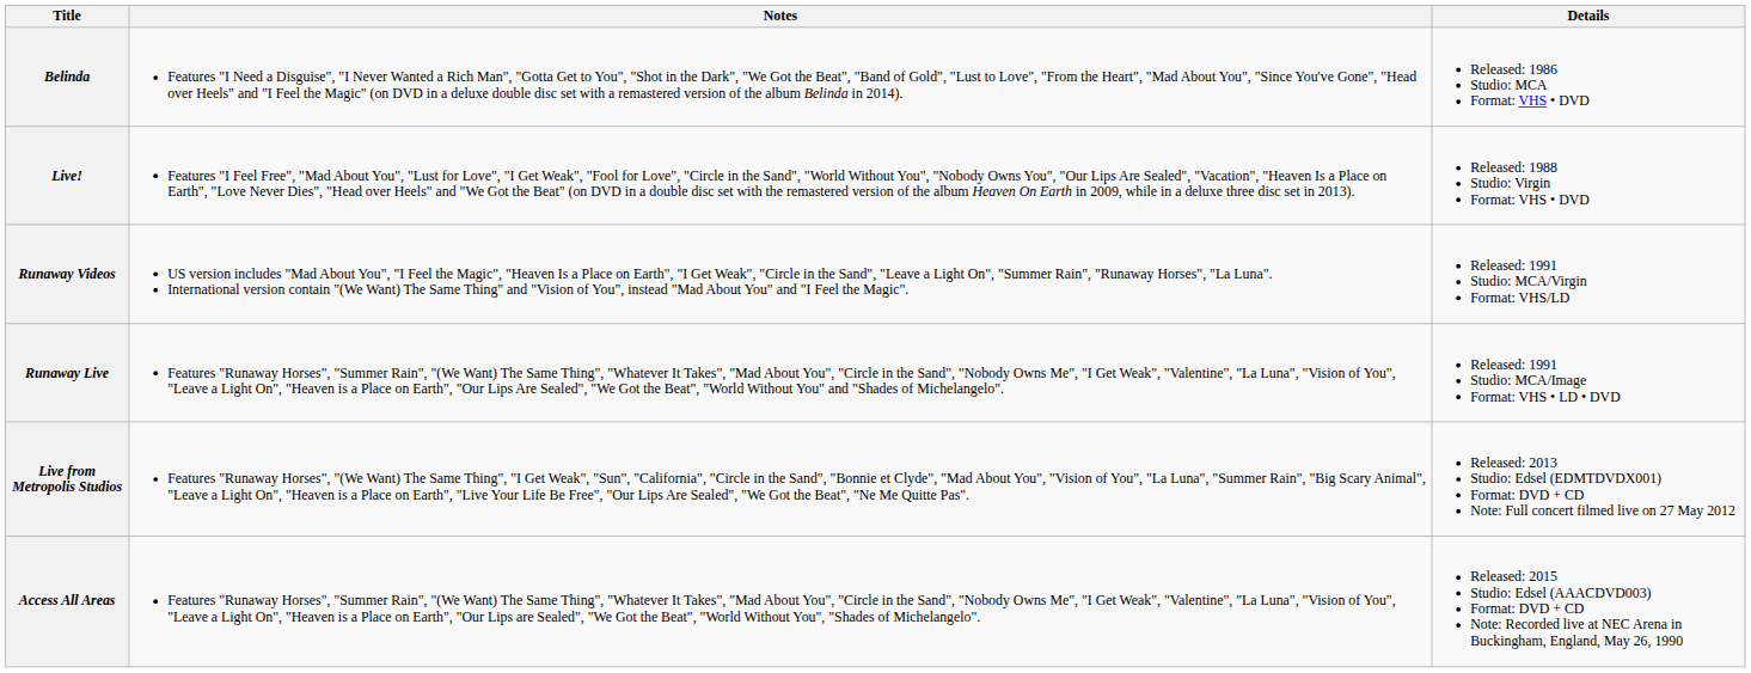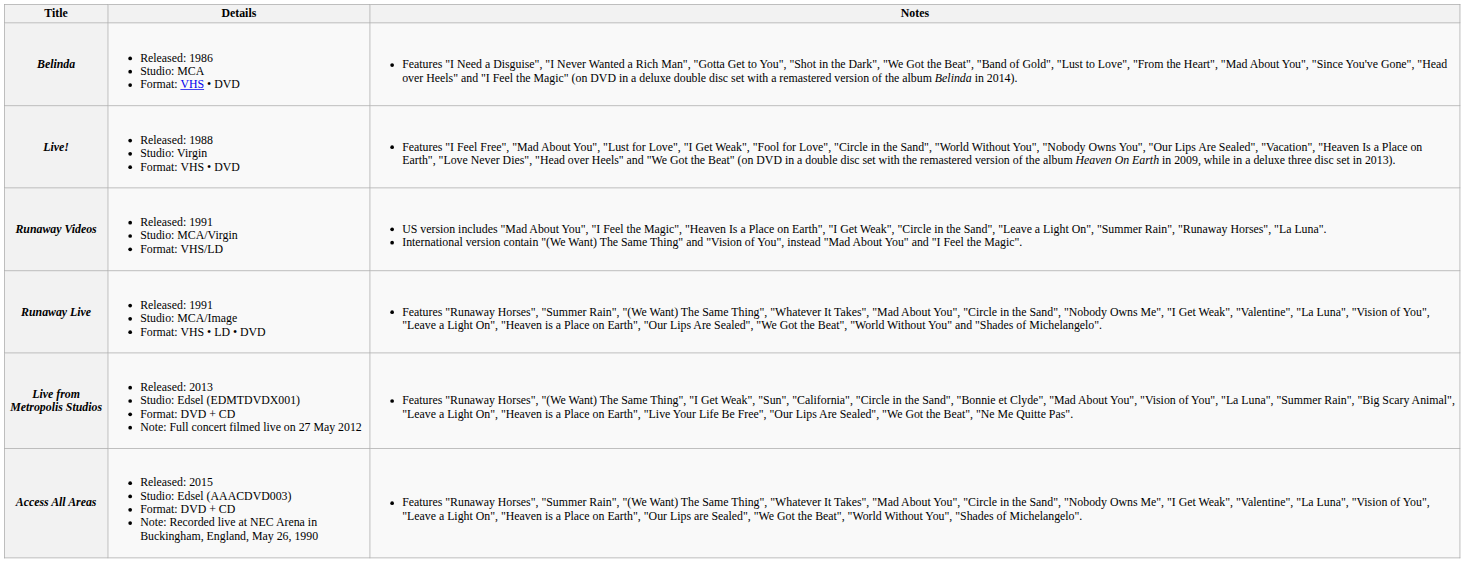 <table class="wikitable plainrowheaders">
 <tr>
 <th scope="col">Title</th>
+<th scope="col">Details</th>
 <th>Notes</th>
-<th scope="col">Details</th>
 </tr>
 <tr>
 <th scope="row"><em>Belinda</em></th>
+<td><br><ul><li>Released: 1986</li><li>Studio: MCA</li><li>Format: <a href='#'>VHS</a> • DVD</li></ul></td>
 <td><br><ul><li>Features "I Need a Disguise", "I Never Wanted a Rich Man", "Gotta Get to You", "Shot in the Dark", "We Got the Beat", "Band of Gold", "Lust to Love", "From the Heart", "Mad About You", "Since You've Gone", "Head over Heels" and "I Feel the Magic" (on DVD in a deluxe double disc set with a remastered version of the album <em>Belinda</em> in 2014).</li></ul></td>
-<td><br><ul><li>Released: 1986</li><li>Studio: MCA</li><li>Format: <a href='#'>VHS</a> • DVD</li></ul></td>
 </tr>
 <tr>
 <th scope="row"><em>Live!</em></th>
+<td><br><ul><li>Released: 1988</li><li>Studio: Virgin</li><li>Format: VHS • DVD</li></ul></td>
 <td><br><ul><li>Features "I Feel Free", "Mad About You", "Lust for Love", "I Get Weak", "Fool for Love", "Circle in the Sand", "World Without You", "Nobody Owns You", "Our Lips Are Sealed", "Vacation", "Heaven Is a Place on Earth", "Love Never Dies", "Head over Heels" and "We Got the Beat" (on DVD in a double disc set with the remastered version of the album <em>Heaven On Earth</em> in 2009, while in a deluxe three disc set in 2013).</li></ul></td>
-<td><br><ul><li>Released: 1988</li><li>Studio: Virgin</li><li>Format: VHS • DVD</li></ul></td>
 </tr>
 <tr>
 <th scope="row"><em>Runaway Videos</em></th>
+<td><br><ul><li>Released: 1991</li><li>Studio: MCA/Virgin</li><li>Format: VHS/LD</li></ul></td>
 <td><br><ul><li>US version includes "Mad About You", "I Feel the Magic", "Heaven Is a Place on Earth", "I Get Weak", "Circle in the Sand", "Leave a Light On", "Summer Rain", "Runaway Horses", "La Luna".</li><li>International version contain "(We Want) The Same Thing" and "Vision of You", instead "Mad About You" and "I Feel the Magic".</li></ul></td>
-<td><br><ul><li>Released: 1991</li><li>Studio: MCA/Virgin</li><li>Format: VHS/LD</li></ul></td>
 </tr>
 <tr>
 <th scope="row"><em>Runaway Live</em></th>
+<td><br><ul><li>Released: 1991</li><li>Studio: MCA/Image</li><li>Format: VHS • LD • DVD</li></ul></td>
 <td><br><ul><li>Features "Runaway Horses", "Summer Rain", "(We Want) The Same Thing", "Whatever It Takes", "Mad About You", "Circle in the Sand", "Nobody Owns Me", "I Get Weak", "Valentine", "La Luna", "Vision of You", "Leave a Light On", "Heaven is a Place on Earth", "Our Lips Are Sealed", "We Got the Beat", "World Without You" and "Shades of Michelangelo".</li></ul></td>
-<td><br><ul><li>Released: 1991</li><li>Studio: MCA/Image</li><li>Format: VHS • LD • DVD</li></ul></td>
 </tr>
 <tr>
 <th scope="row"><em>Live from Metropolis Studios</em></th>
+<td><br><ul><li>Released: 2013</li><li>Studio: Edsel (EDMTDVDX001)</li><li>Format: DVD + CD</li><li>Note: Full concert filmed live on 27 May 2012</li></ul></td>
 <td><br><ul><li>Features "Runaway Horses", "(We Want) The Same Thing", "I Get Weak", "Sun", "California", "Circle in the Sand", "Bonnie et Clyde", "Mad About You", "Vision of You", "La Luna", "Summer Rain", "Big Scary Animal", "Leave a Light On", "Heaven is a Place on Earth", "Live Your Life Be Free", "Our Lips Are Sealed", "We Got the Beat", "Ne Me Quitte Pas".</li></ul></td>
-<td><br><ul><li>Released: 2013</li><li>Studio: Edsel (EDMTDVDX001)</li><li>Format: DVD + CD</li><li>Note: Full concert filmed live on 27 May 2012</li></ul></td>
 </tr>
 <tr>
 <th scope="row"><em>Access All Areas</em></th>
+<td><br><ul><li>Released: 2015</li><li>Studio: Edsel (AAACDVD003)</li><li>Format: DVD + CD</li><li>Note: Recorded live at NEC Arena in Buckingham, England, May 26, 1990</li></ul></td>
 <td><br><ul><li>Features "Runaway Horses", "Summer Rain", "(We Want) The Same Thing", "Whatever It Takes", "Mad About You", "Circle in the Sand", "Nobody Owns Me", "I Get Weak", "Valentine", "La Luna", "Vision of You", "Leave a Light On", "Heaven is a Place on Earth", "Our Lips are Sealed", "We Got the Beat", "World Without You", "Shades of Michelangelo".</li></ul></td>
-<td><br><ul><li>Released: 2015</li><li>Studio: Edsel (AAACDVD003)</li><li>Format: DVD + CD</li><li>Note: Recorded live at NEC Arena in Buckingham, England, May 26, 1990</li></ul></td>
 </tr>
 </table>
